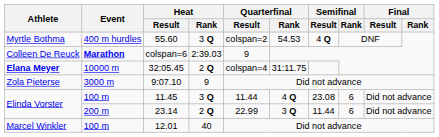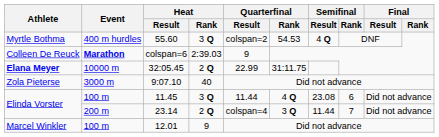 <table class="wikitable" style="font-size:90%">
 <tr>
 <th rowspan="2">Athlete</th>
 <th rowspan="2">Event</th>
 <th colspan="2">Heat</th>
 <th colspan="2">Quarterfinal</th>
 <th colspan="2">Semifinal</th>
 <th colspan="2">Final</th>
 </tr>
 <tr style="font-size:95%">
 <th>Result</th>
 <th>Rank</th>
 <th>Result</th>
 <th>Rank</th>
 <th>Result</th>
 <th>Rank</th>
 <th>Result</th>
 <th>Rank</th>
 </tr>
 <tr align=center>
 <td align=left><a href='#'>Myrtle Bothma</a></td>
 <td align=left><a href='#'>400 m hurdles</a></td>
 <td>55.60</td>
 <td>3 <strong>Q</strong></td>
 <td>colspan=2 </td>
 <td>54.53</td>
 <td>4 <strong>Q</strong></td>
 <td colspan=2>DNF</td>
 </tr>
 <tr align=center>
 <td align=left><a href='#'>Colleen De Reuck</a></td>
 <td align=left><strong><a href='#'>Marathon</a></strong></td>
 <td>colspan=6 </td>
 <td>2:39.03</td>
 <td>9</td>
 </tr>
 <tr align=center>
 <td align=left><strong><a href='#'>Elana Meyer</a></strong></td>
 <td align=left><a href='#'>10000 m</a></td>
 <td>32:05.45</td>
 <td>2 <strong>Q</strong></td>
-<td>colspan=4 </td>
+<td>22.99</td>
 <td>31:11.75</td>
 <td></td>
 </tr>
 <tr align=center>
 <td align=left><a href='#'>Zola Pieterse</a></td>
 <td align=left><a href='#'>3000 m</a></td>
 <td>9:07.10</td>
-<td>9</td>
+<td>40</td>
 <td colspan=6>Did not advance</td>
 </tr>
 <tr align=center>
 <td align=left rowspan=2><a href='#'>Elinda Vorster</a></td>
 <td align=left><a href='#'>100 m</a></td>
 <td>11.45</td>
 <td>3 <strong>Q</strong></td>
 <td>11.44</td>
 <td>4 <strong>Q</strong></td>
 <td>23.08</td>
 <td>6</td>
 <td colspan=2>Did not advance</td>
 </tr>
 <tr align=center>
 <td align=left><a href='#'>200 m</a></td>
 <td>23.14</td>
 <td>2 <strong>Q</strong></td>
-<td>22.99</td>
+<td>colspan=4 </td>
 <td>3 <strong>Q</strong></td>
 <td>11.44</td>
-<td>6</td>
+<td>7</td>
 <td colspan=2>Did not advance</td>
 </tr>
 <tr align=center>
 <td align=left><a href='#'>Marcel Winkler</a></td>
 <td align=left><a href='#'>100 m</a></td>
 <td>12.01</td>
-<td>40</td>
+<td>9</td>
 <td colspan=6>Did not advance</td>
 </tr>
 </table>
